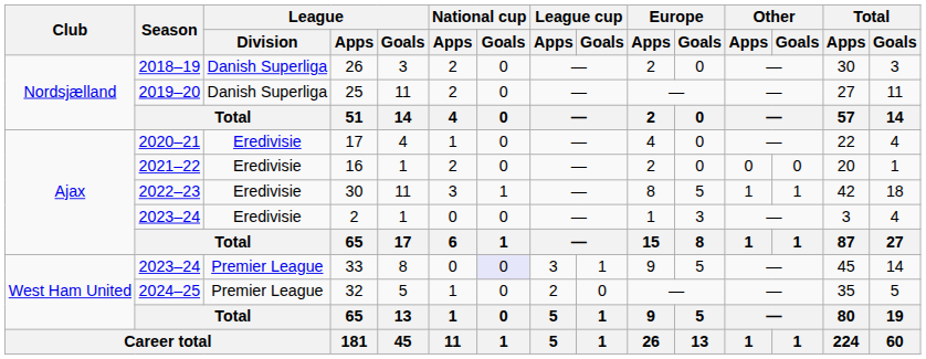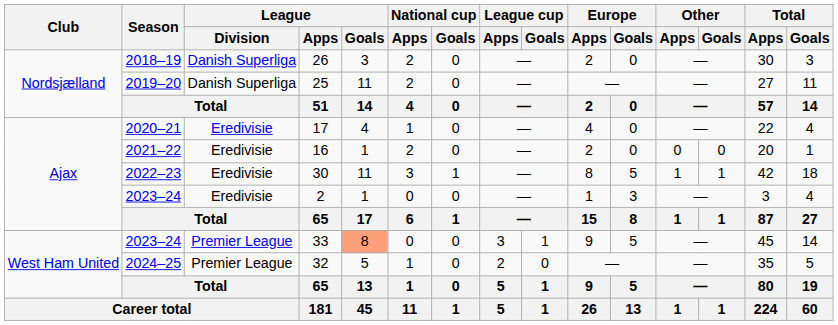 <table class="wikitable" style="text-align:center">
 <tr>
 <th rowspan="2">Club</th>
 <th rowspan="2">Season</th>
 <th colspan="3">League</th>
 <th colspan="2">National cup</th>
 <th colspan="2">League cup</th>
 <th colspan="2">Europe</th>
 <th colspan="2">Other</th>
 <th colspan="2">Total</th>
 </tr>
 <tr>
 <th>Division</th>
 <th>Apps</th>
 <th>Goals</th>
 <th>Apps</th>
 <th>Goals</th>
 <th>Apps</th>
 <th>Goals</th>
 <th>Apps</th>
 <th>Goals</th>
 <th>Apps</th>
 <th>Goals</th>
 <th>Apps</th>
 <th>Goals</th>
 </tr>
 <tr>
 <td rowspan="3"><a href='#'>Nordsjælland</a></td>
 <td><a href='#'>2018–19</a></td>
 <td><a href='#'>Danish Superliga</a></td>
 <td>26</td>
 <td>3</td>
 <td>2</td>
 <td>0</td>
 <td colspan="2">—</td>
 <td>2</td>
 <td>0</td>
 <td colspan="2">—</td>
 <td>30</td>
 <td>3</td>
 </tr>
 <tr>
 <td><a href='#'>2019–20</a></td>
 <td>Danish Superliga</td>
 <td>25</td>
 <td>11</td>
 <td>2</td>
 <td>0</td>
 <td colspan="2">—</td>
 <td colspan="2">—</td>
 <td colspan="2">—</td>
 <td>27</td>
 <td>11</td>
 </tr>
 <tr>
 <th colspan="2">Total</th>
 <th>51</th>
 <th>14</th>
 <th>4</th>
 <th>0</th>
 <th colspan="2">—</th>
 <th>2</th>
 <th>0</th>
 <th colspan="2">—</th>
 <th>57</th>
 <th>14</th>
 </tr>
 <tr>
 <td rowspan="5"><a href='#'>Ajax</a></td>
 <td><a href='#'>2020–21</a></td>
 <td><a href='#'>Eredivisie</a></td>
 <td>17</td>
 <td>4</td>
 <td>1</td>
 <td>0</td>
 <td colspan="2">—</td>
 <td>4</td>
 <td>0</td>
 <td colspan="2">—</td>
 <td>22</td>
 <td>4</td>
 </tr>
 <tr>
 <td><a href='#'>2021–22</a></td>
 <td>Eredivisie</td>
 <td>16</td>
 <td>1</td>
 <td>2</td>
 <td>0</td>
 <td colspan="2">—</td>
 <td>2</td>
 <td>0</td>
 <td>0</td>
 <td>0</td>
 <td>20</td>
 <td>1</td>
 </tr>
 <tr>
 <td><a href='#'>2022–23</a></td>
 <td>Eredivisie</td>
 <td>30</td>
 <td>11</td>
 <td>3</td>
 <td>1</td>
 <td colspan="2">—</td>
 <td>8</td>
 <td>5</td>
 <td>1</td>
 <td>1</td>
 <td>42</td>
 <td>18</td>
 </tr>
 <tr>
 <td><a href='#'>2023–24</a></td>
 <td>Eredivisie</td>
 <td>2</td>
 <td>1</td>
 <td>0</td>
 <td>0</td>
 <td colspan="2">—</td>
 <td>1</td>
 <td>3</td>
 <td colspan="2">—</td>
 <td>3</td>
 <td>4</td>
 </tr>
 <tr>
 <th colspan="2">Total</th>
 <th>65</th>
 <th>17</th>
 <th>6</th>
 <th>1</th>
 <th colspan="2">—</th>
 <th>15</th>
 <th>8</th>
 <th>1</th>
 <th>1</th>
 <th>87</th>
 <th>27</th>
 </tr>
 <tr>
 <td rowspan="3"><a href='#'>West Ham United</a></td>
 <td><a href='#'>2023–24</a></td>
 <td><a href='#'>Premier League</a></td>
 <td>33</td>
-<td>8</td>
+<td style="background: lightsalmon;">8</td>
 <td>0</td>
-<td style="background: lavender;">0</td>
+<td>0</td>
 <td>3</td>
 <td>1</td>
 <td>9</td>
 <td>5</td>
 <td colspan="2">—</td>
 <td>45</td>
 <td>14</td>
 </tr>
 <tr>
 <td><a href='#'>2024–25</a></td>
 <td>Premier League</td>
 <td>32</td>
 <td>5</td>
 <td>1</td>
 <td>0</td>
 <td>2</td>
 <td>0</td>
 <td colspan="2">—</td>
 <td colspan="2">—</td>
 <td>35</td>
 <td>5</td>
 </tr>
 <tr>
 <th colspan="2">Total</th>
 <th>65</th>
 <th>13</th>
 <th>1</th>
 <th>0</th>
 <th>5</th>
 <th>1</th>
 <th>9</th>
 <th>5</th>
 <th colspan="2">—</th>
 <th>80</th>
 <th>19</th>
 </tr>
 <tr>
 <th colspan="3">Career total</th>
 <th>181</th>
 <th>45</th>
 <th>11</th>
 <th>1</th>
 <th>5</th>
 <th>1</th>
 <th>26</th>
 <th>13</th>
 <th>1</th>
 <th>1</th>
 <th>224</th>
 <th>60</th>
 </tr>
 </table>
